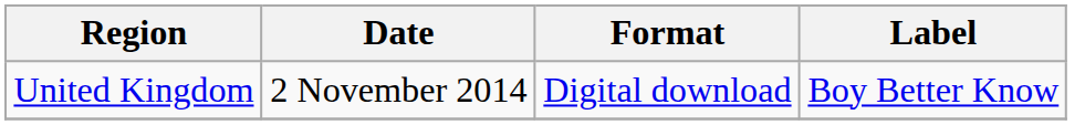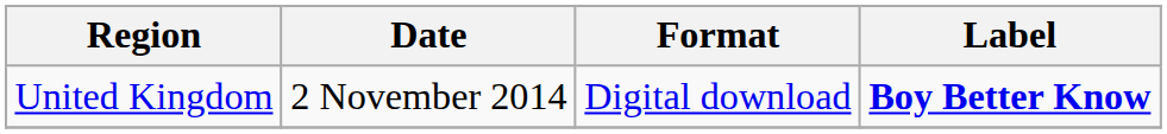 <table class=wikitable>
 <tr>
 <th>Region</th>
 <th>Date</th>
 <th>Format</th>
 <th>Label</th>
 </tr>
 <tr>
 <td><a href='#'>United Kingdom</a></td>
 <td>2 November 2014</td>
 <td><a href='#'>Digital download</a></td>
-<td><a href='#'>Boy Better Know</a></td>
+<td><strong><a href='#'>Boy Better Know</a></strong></td>
 </tr>
 <tr>
 </tr>
 </table>
